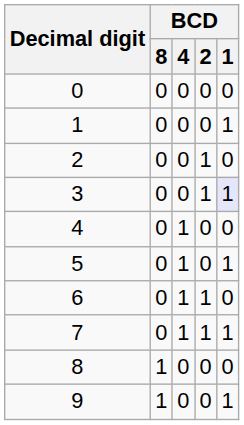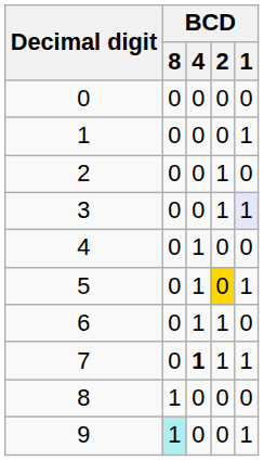 <table class="wikitable" style="text-align:center;">
 <tr>
 <th scope="col" rowspan="2">Decimal digit</th>
 <th scope="col" colspan="4">BCD</th>
 </tr>
 <tr>
 <th>8</th>
 <th>4</th>
 <th>2</th>
 <th>1</th>
 </tr>
 <tr>
 <td>0</td>
 <td>0</td>
 <td>0</td>
 <td>0</td>
 <td>0</td>
 </tr>
 <tr>
 <td>1</td>
 <td>0</td>
 <td>0</td>
 <td>0</td>
 <td>1</td>
 </tr>
 <tr>
 <td>2</td>
 <td>0</td>
 <td>0</td>
 <td>1</td>
 <td>0</td>
 </tr>
 <tr>
 <td>3</td>
 <td>0</td>
 <td>0</td>
 <td>1</td>
 <td style="background: lavender;">1</td>
 </tr>
 <tr>
 <td>4</td>
 <td>0</td>
 <td>1</td>
 <td>0</td>
 <td>0</td>
 </tr>
 <tr>
 <td>5</td>
 <td>0</td>
 <td>1</td>
-<td>0</td>
+<td style="background: gold;">0</td>
 <td>1</td>
 </tr>
 <tr>
 <td>6</td>
 <td>0</td>
 <td>1</td>
 <td>1</td>
 <td>0</td>
 </tr>
 <tr>
 <td>7</td>
 <td>0</td>
-<td>1</td>
+<td><strong>1</strong></td>
 <td>1</td>
 <td>1</td>
 </tr>
 <tr>
 <td>8</td>
 <td>1</td>
 <td>0</td>
 <td>0</td>
 <td>0</td>
 </tr>
 <tr>
 <td>9</td>
-<td>1</td>
+<td style="background: paleturquoise;">1</td>
 <td>0</td>
 <td>0</td>
 <td>1</td>
 </tr>
 </table>
